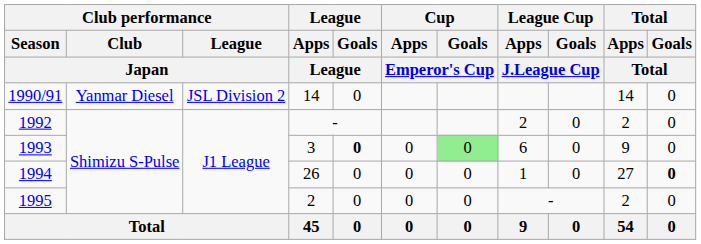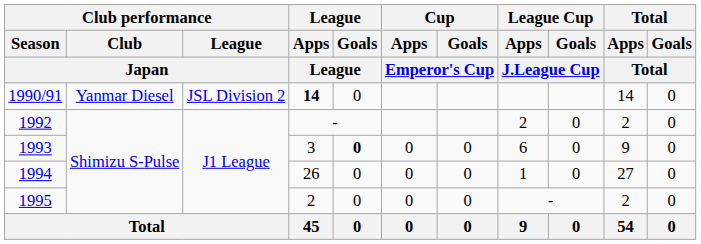 <table class="wikitable" style="text-align:center;">
 <tr>
 <th colspan=3>Club performance</th>
 <th colspan=2>League</th>
 <th colspan=2>Cup</th>
 <th colspan=2>League Cup</th>
 <th colspan=2>Total</th>
 </tr>
 <tr>
 <th>Season</th>
 <th>Club</th>
 <th>League</th>
 <th>Apps</th>
 <th>Goals</th>
 <th>Apps</th>
 <th>Goals</th>
 <th>Apps</th>
 <th>Goals</th>
 <th>Apps</th>
 <th>Goals</th>
 </tr>
 <tr>
 <th colspan=3>Japan</th>
 <th colspan=2>League</th>
 <th colspan=2><a href='#'>Emperor's Cup</a></th>
 <th colspan=2><a href='#'>J.League Cup</a></th>
 <th colspan=2>Total</th>
 </tr>
 <tr>
 <td><a href='#'>1990/91</a></td>
 <td><a href='#'>Yanmar Diesel</a></td>
 <td><a href='#'>JSL Division 2</a></td>
-<td>14</td>
+<td><strong>14</strong></td>
 <td>0</td>
 <td></td>
 <td></td>
 <td></td>
 <td></td>
 <td>14</td>
 <td>0</td>
 </tr>
 <tr>
 <td><a href='#'>1992</a></td>
 <td rowspan="4"><a href='#'>Shimizu S-Pulse</a></td>
 <td rowspan="4"><a href='#'>J1 League</a></td>
 <td colspan="2">-</td>
 <td></td>
 <td></td>
 <td>2</td>
 <td>0</td>
 <td>2</td>
 <td>0</td>
 </tr>
 <tr>
 <td><a href='#'>1993</a></td>
 <td>3</td>
 <td><strong>0</strong></td>
 <td>0</td>
-<td style="background: lightgreen;">0</td>
+<td>0</td>
 <td>6</td>
 <td>0</td>
 <td>9</td>
 <td>0</td>
 </tr>
 <tr>
 <td><a href='#'>1994</a></td>
 <td>26</td>
 <td>0</td>
 <td>0</td>
 <td>0</td>
 <td>1</td>
 <td>0</td>
 <td>27</td>
-<td><strong>0</strong></td>
+<td>0</td>
 </tr>
 <tr>
 <td><a href='#'>1995</a></td>
 <td>2</td>
 <td>0</td>
 <td>0</td>
 <td>0</td>
 <td colspan="2">-</td>
 <td>2</td>
 <td>0</td>
 </tr>
 <tr>
 <th colspan=3>Total</th>
 <th>45</th>
 <th>0</th>
 <th>0</th>
 <th>0</th>
 <th>9</th>
 <th>0</th>
 <th>54</th>
 <th>0</th>
 </tr>
 </table>
